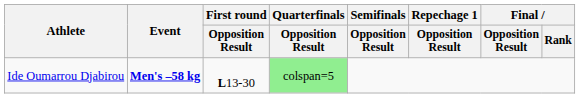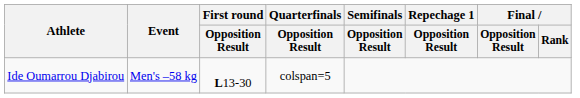 <table class="wikitable" style="font-size:90%;">
 <tr>
 <th rowspan=2>Athlete</th>
 <th rowspan=2>Event</th>
 <th>First round</th>
 <th>Quarterfinals</th>
 <th>Semifinals</th>
 <th>Repechage 1</th>
 <th colspan=2>Final / </th>
 </tr>
 <tr style="font-size:95%">
 <th>Opposition<br>Result</th>
 <th>Opposition<br>Result</th>
 <th>Opposition<br>Result</th>
 <th>Opposition<br>Result</th>
 <th>Opposition<br>Result</th>
 <th>Rank</th>
 </tr>
 <tr align=center>
 <td align=left><a href='#'>Ide Oumarrou Djabirou</a></td>
-<td align=left><strong><a href='#'>Men's –58 kg</a></strong></td>
+<td align=left><a href='#'>Men's –58 kg</a></td>
 <td><br><strong>L</strong>13-30</td>
-<td style="background: lightgreen;">colspan=5 </td>
+<td>colspan=5 </td>
 </tr>
 </table>
